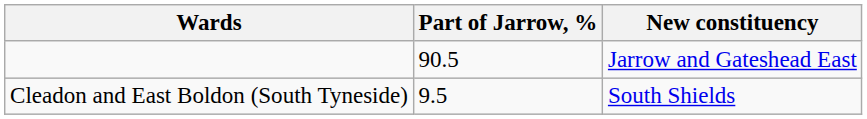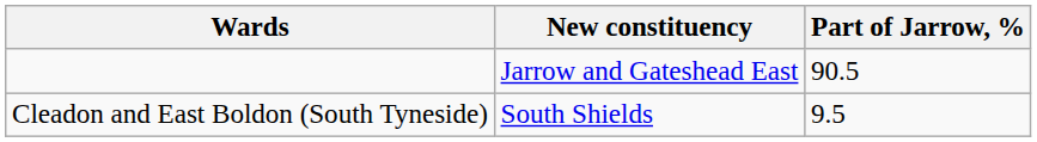 <table class="wikitable">
 <tr>
 <th>Wards</th>
+<th>New constituency</th>
 <th>Part of Jarrow, %</th>
-<th>New constituency</th>
 </tr>
 <tr>
 <td></td>
+<td><a href='#'>Jarrow and Gateshead East</a></td>
 <td>90.5</td>
-<td><a href='#'>Jarrow and Gateshead East</a></td>
 </tr>
 <tr>
 <td>Cleadon and East Boldon (South Tyneside)</td>
+<td><a href='#'>South Shields</a></td>
 <td>9.5</td>
-<td><a href='#'>South Shields</a></td>
 </tr>
 </table>
